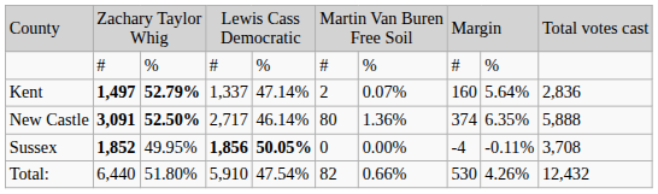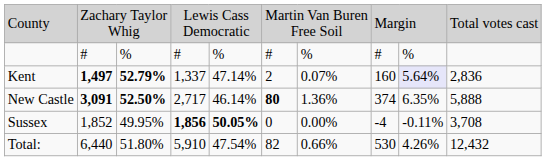 <table class="wikitable">
 <tr bgcolor=lightgrey>
 <td>County</td>
 <td colspan="2" rowspan="1" style="text-align:center" >Zachary Taylor<br>Whig</td>
 <td colspan="2" rowspan="1" style="text-align:center" >Lewis Cass<br>Democratic</td>
 <td colspan="2" rowspan="1" style="text-align:center" >Martin Van Buren<br>Free Soil</td>
 <td colspan="2" rowspan="1">Margin</td>
 <td>Total votes cast</td>
 </tr>
 <tr>
 <td></td>
 <td>#</td>
 <td>%</td>
 <td>#</td>
 <td>%</td>
 <td>#</td>
 <td>%</td>
 <td>#</td>
 <td>%</td>
 <td></td>
 </tr>
 <tr>
 <td>Kent</td>
 <td><strong>1,497</strong></td>
 <td><strong>52.79%</strong></td>
 <td>1,337</td>
 <td>47.14%</td>
 <td>2</td>
 <td>0.07%</td>
 <td>160</td>
-<td>5.64%</td>
+<td style="background: lavender;">5.64%</td>
 <td>2,836</td>
 </tr>
 <tr>
 <td>New Castle</td>
 <td><strong>3,091</strong></td>
 <td><strong>52.50%</strong></td>
 <td>2,717</td>
 <td>46.14%</td>
-<td>80</td>
+<td><strong>80</strong></td>
 <td>1.36%</td>
 <td>374</td>
 <td>6.35%</td>
 <td>5,888</td>
 </tr>
 <tr>
 <td>Sussex</td>
-<td><strong>1,852</strong></td>
+<td>1,852</td>
 <td>49.95%</td>
 <td><strong>1,856</strong></td>
 <td><strong>50.05%</strong></td>
 <td>0</td>
 <td>0.00%</td>
 <td>-4</td>
 <td>-0.11%</td>
 <td>3,708</td>
 </tr>
 <tr>
 <td>Total:</td>
 <td>6,440</td>
 <td>51.80%</td>
 <td>5,910</td>
 <td>47.54%</td>
 <td>82</td>
 <td>0.66%</td>
 <td>530</td>
 <td>4.26%</td>
 <td>12,432</td>
 </tr>
 </table>
